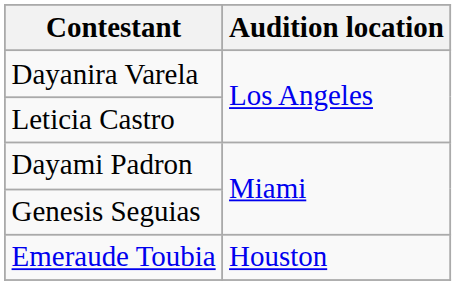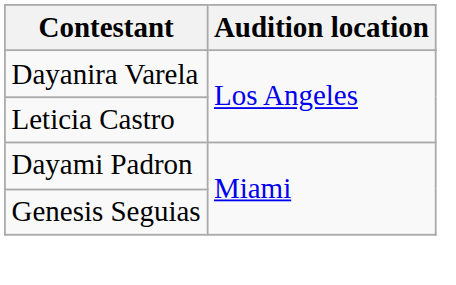 <table class="wikitable">
 <tr>
 <th>Contestant</th>
 <th>Audition location</th>
 </tr>
 <tr>
 <td>Dayanira Varela</td>
 <td rowspan="2"><a href='#'>Los Angeles</a></td>
 </tr>
 <tr>
 <td>Leticia Castro</td>
 </tr>
 <tr>
 <td>Dayami Padron</td>
 <td rowspan="2"><a href='#'>Miami</a></td>
 </tr>
 <tr>
 <td>Genesis Seguias</td>
 </tr>
-<tr>
-<td><a href='#'>Emeraude Toubia</a></td>
-<td><a href='#'>Houston</a></td>
-</tr>
 </table>
